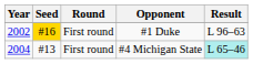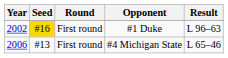 <table class="wikitable" style="text-align:center;">
 <tr>
 <th>Year</th>
 <th>Seed</th>
 <th>Round</th>
 <th>Opponent</th>
 <th>Result</th>
 </tr>
 <tr>
 </tr>
 <tr align="center">
 <td><a href='#'>2002</a></td>
 <td style="background: gold;">#16</td>
 <td>First round</td>
 <td>#1 Duke</td>
 <td>L 96–63</td>
 </tr>
 <tr align="center">
-<td><a href='#'>2004</a></td>
+<td><a href='#'>2006</a></td>
 <td>#13</td>
 <td>First round</td>
 <td>#4 Michigan State</td>
-<td style="background: paleturquoise;">L 65–46</td>
+<td>L 65–46</td>
 </tr>
 </table>
